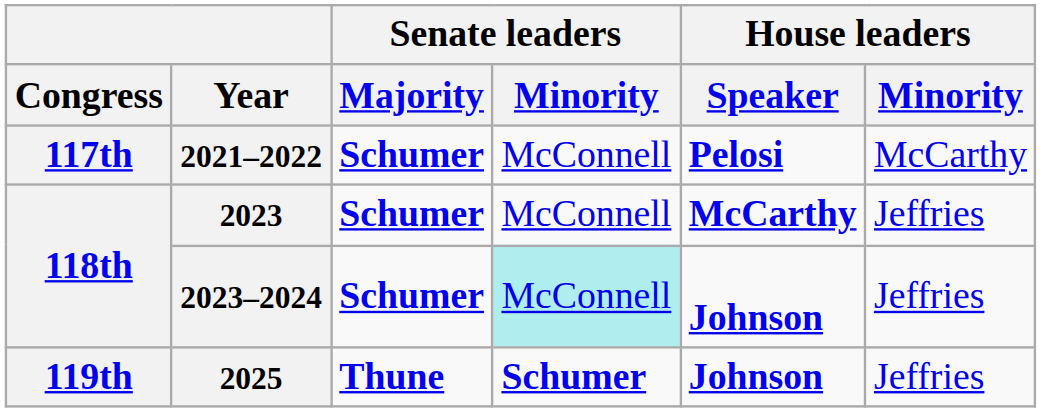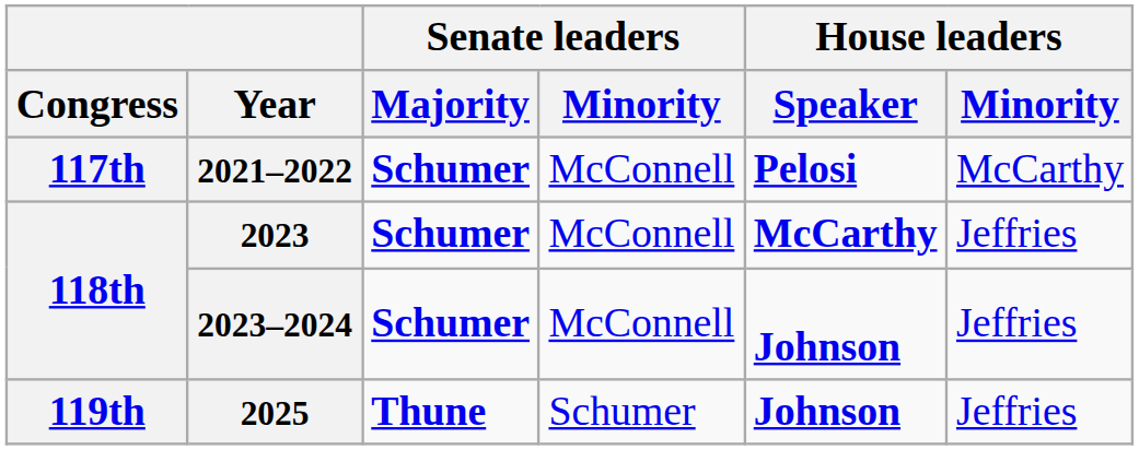 <table class="wikitable" style="margin-left:1em">
 <tr>
 <th colspan=2></th>
 <th colspan=2>Senate leaders</th>
 <th colspan=2>House leaders</th>
 </tr>
 <tr>
 <th>Congress</th>
 <th>Year</th>
 <th><a href='#'>Majority</a></th>
 <th><a href='#'>Minority</a></th>
 <th><a href='#'>Speaker</a></th>
 <th><a href='#'>Minority</a></th>
 </tr>
 <tr>
 <th><a href='#'>117th</a></th>
 <th><small>2021–2022</small></th>
 <td><strong><a href='#'>Schumer</a></strong></td>
 <td><a href='#'>McConnell</a></td>
 <td><strong><a href='#'>Pelosi</a></strong></td>
 <td><a href='#'>McCarthy</a></td>
 </tr>
 <tr>
 <th rowspan=2><a href='#'>118th</a></th>
 <th><small>2023</small></th>
 <td><strong><a href='#'>Schumer</a></strong></td>
 <td><a href='#'>McConnell</a></td>
 <td><strong><a href='#'>McCarthy</a></strong></td>
 <td><a href='#'>Jeffries</a></td>
 </tr>
 <tr>
 <th><small>2023–2024</small></th>
 <td><strong><a href='#'>Schumer</a></strong></td>
-<td style="background: paleturquoise;"><a href='#'>McConnell</a></td>
+<td><a href='#'>McConnell</a></td>
 <td><br><strong><a href='#'>Johnson</a></strong></td>
 <td><a href='#'>Jeffries</a></td>
 </tr>
 <tr>
 <th><a href='#'>119th</a></th>
 <th><small>2025</small></th>
 <td><strong><a href='#'>Thune</a></strong></td>
-<td><strong><a href='#'>Schumer</a></strong></td>
+<td><a href='#'>Schumer</a></td>
 <td><strong><a href='#'>Johnson</a></strong></td>
 <td><a href='#'>Jeffries</a></td>
 </tr>
 </table>
